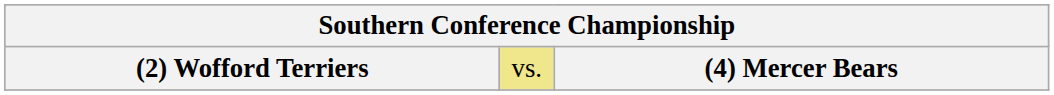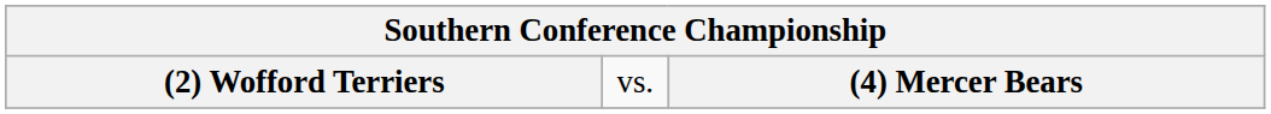 <table class="wikitable">
 <tr>
 <th style="width: 604px;" colspan=3>Southern Conference Championship</th>
 </tr>
 <tr>
 <th style="width: 289px; ">(2) Wofford Terriers</th>
-<td style="background: khaki; width: 25px; text-align:center">vs.</td>
+<td style="width: 25px; text-align:center">vs.</td>
 <th style="width: 289px; ">(4) Mercer Bears</th>
 </tr>
 </table>
